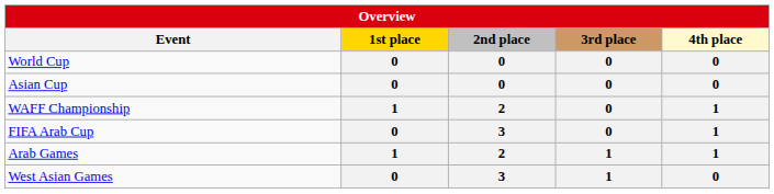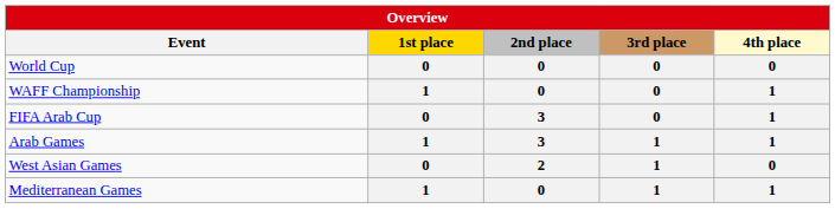 <table class="wikitable" style="width:50%; font-size:90%; text-align:center;">
 <tr>
 <th colspan="5" style="background: #db000d; color: #FFFFFF;">Overview</th>
 </tr>
 <tr>
 <th>Event</th>
 <th style="width:14%; background:gold;">1st place</th>
 <th style="width:14%; background:silver;">2nd place</th>
 <th style="width:14%; background:#c96;">3rd place</th>
 <th style="width:14%; background:LemonChiffon;">4th place</th>
 </tr>
 <tr>
 <td align=left><a href='#'>World Cup</a></td>
 <th>0</th>
 <th>0</th>
 <th>0</th>
 <th>0</th>
 </tr>
 <tr>
-<td align=left><a href='#'>Asian Cup</a></td>
-<th>0</th>
-<th>0</th>
-<th>0</th>
-<th>0</th>
-</tr>
-<tr>
 <td align=left><a href='#'>WAFF Championship</a></td>
 <th>1</th>
-<th>2</th>
+<th>0</th>
 <th>0</th>
 <th>1</th>
 </tr>
 <tr>
 <td align=left><a href='#'>FIFA Arab Cup</a></td>
 <th>0</th>
 <th>3</th>
 <th>0</th>
 <th>1</th>
 </tr>
 <tr>
 <td align=left><a href='#'>Arab Games</a></td>
 <th>1</th>
-<th>2</th>
+<th>3</th>
 <th>1</th>
 <th>1</th>
 </tr>
 <tr>
 <td align=left><a href='#'>West Asian Games</a></td>
 <th>0</th>
-<th>3</th>
+<th>2</th>
 <th>1</th>
 <th>0</th>
 </tr>
+<tr>
+<td align=left><a href='#'>Mediterranean Games</a></td>
+<th>1</th>
+<th>0</th>
+<th>1</th>
+<th>1</th>
+</tr>
 </table>
